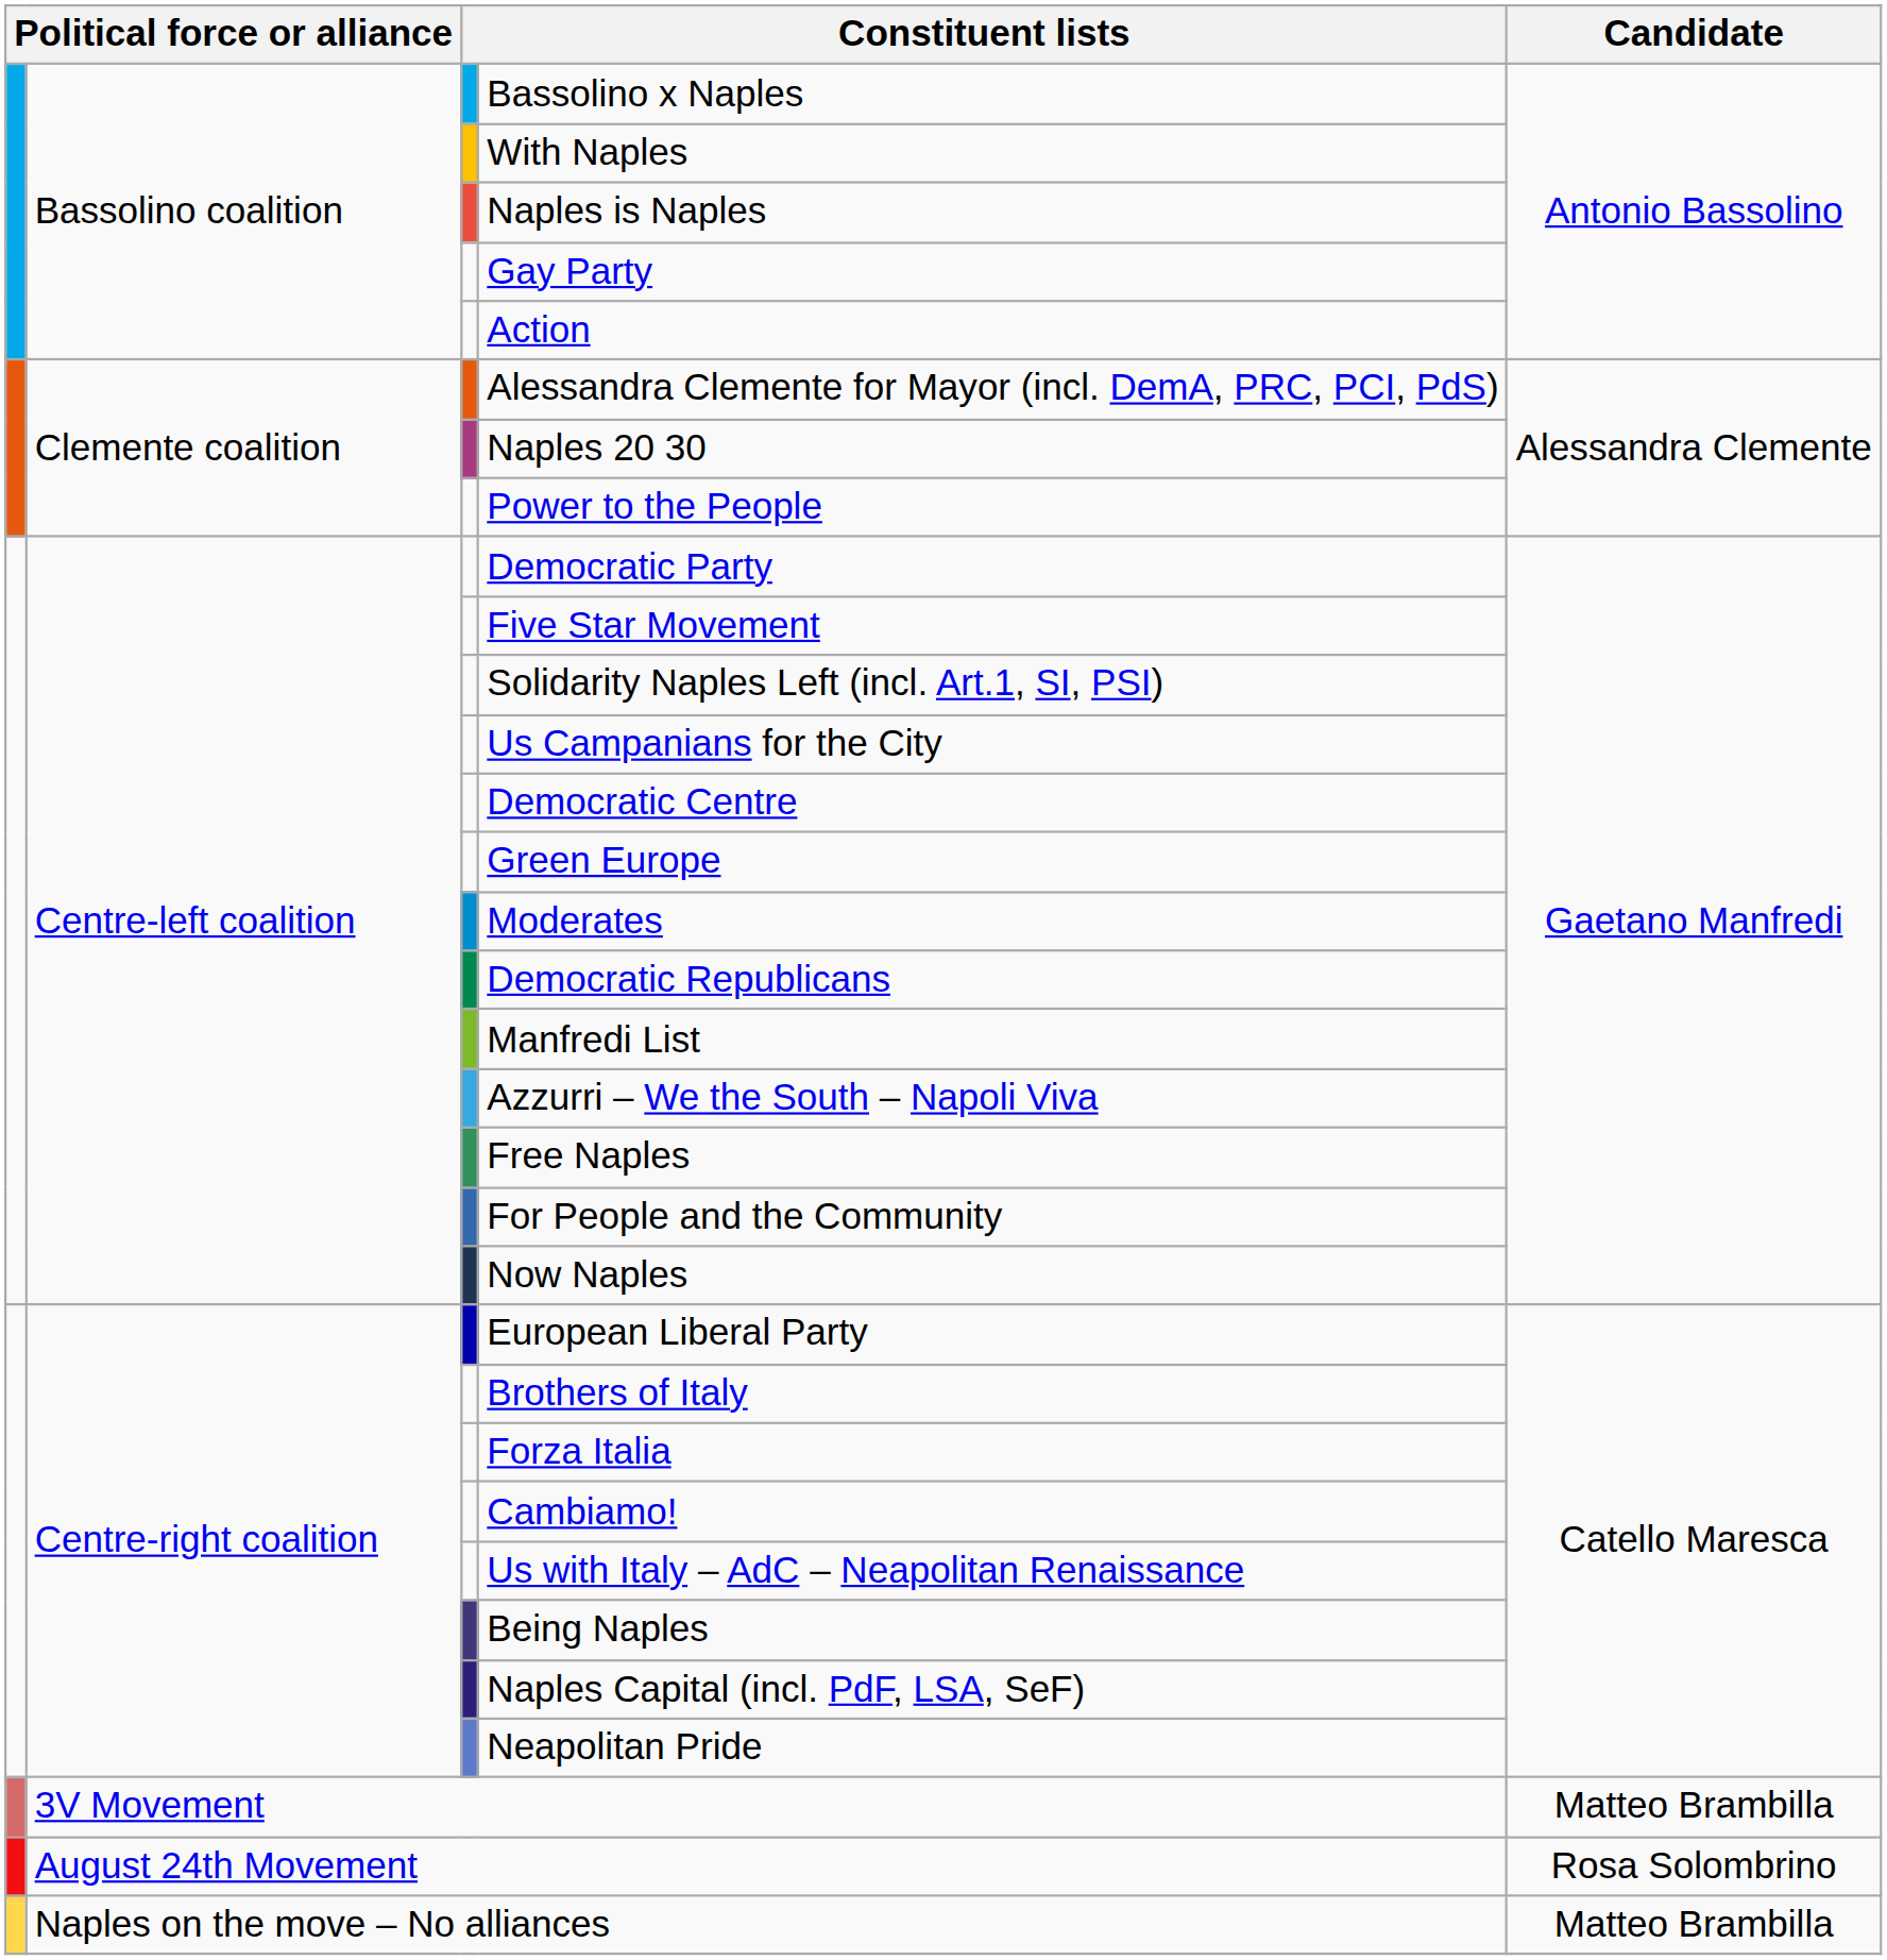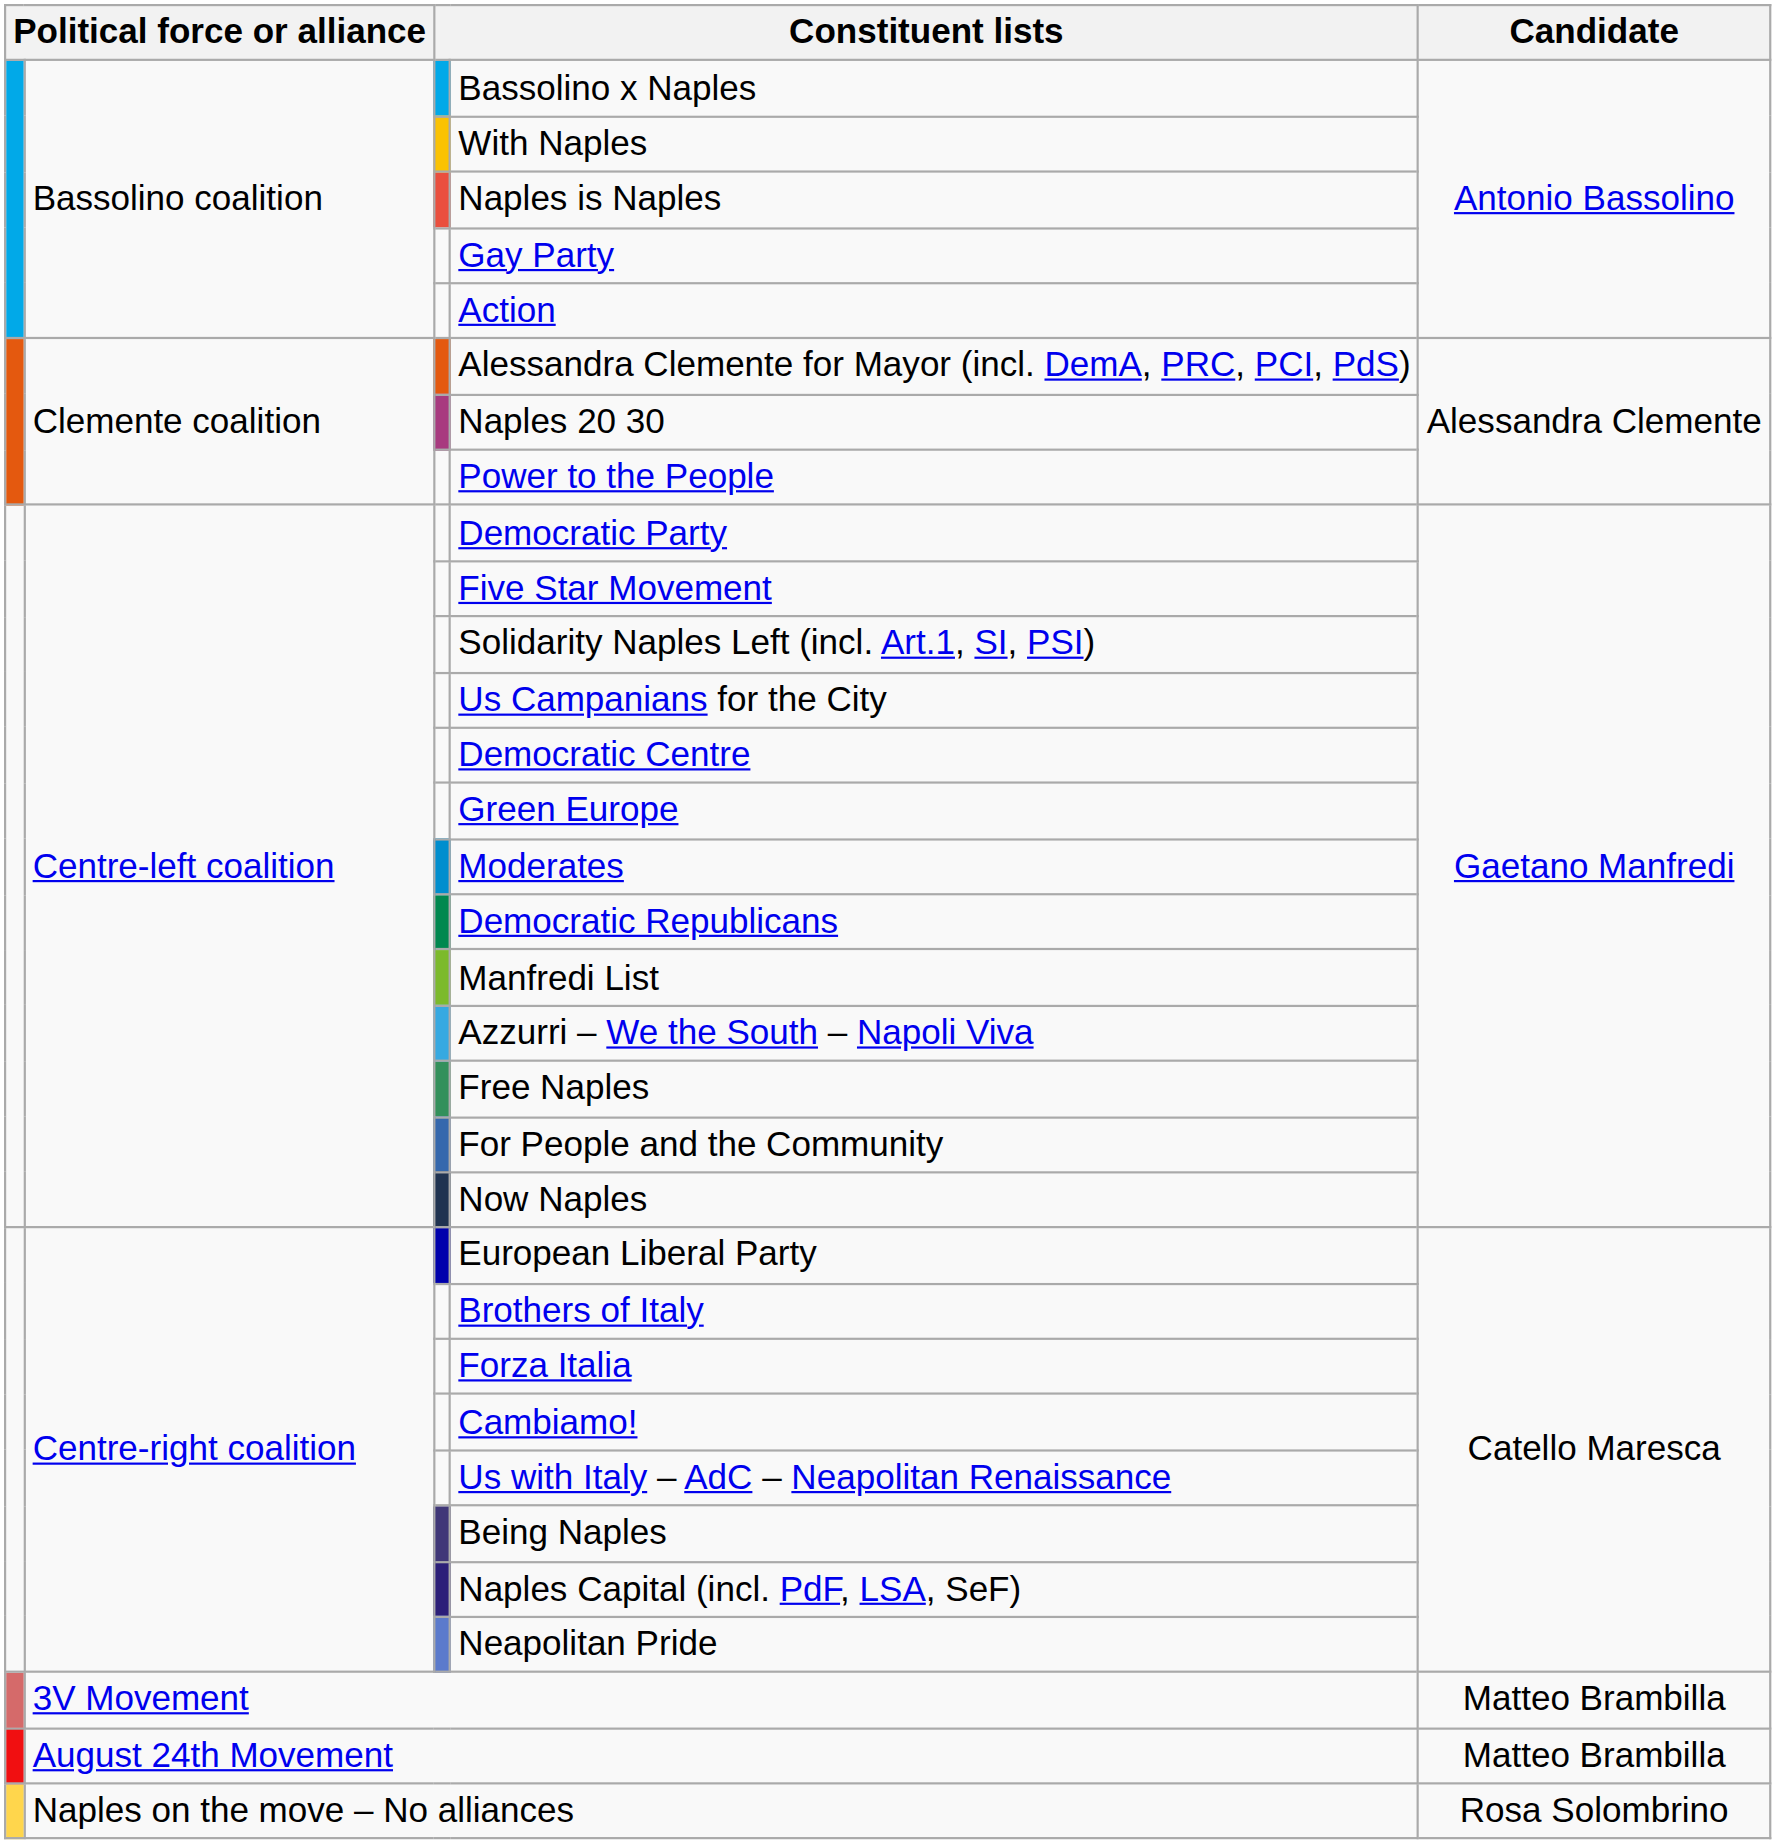 <table class=wikitable style=text-align:left>
 <tr>
 <th colspan=2>Political force or alliance</th>
 <th colspan=2>Constituent lists</th>
 <th>Candidate</th>
 </tr>
 <tr>
 <td rowspan=5 style="background-color:#01A9E8"></td>
 <td rowspan=5>Bassolino coalition</td>
 <td bgcolor="#01A9E8"></td>
 <td style="text-align:left;">Bassolino x Naples</td>
 <td rowspan=5 style="text-align:center;"><a href='#'>Antonio Bassolino</a></td>
 </tr>
 <tr>
 <td bgcolor="#FBC201"></td>
 <td style="text-align:left;">With Naples</td>
 </tr>
 <tr>
 <td bgcolor="#EA4F3E"></td>
 <td style="text-align:left;">Naples is Naples</td>
 </tr>
 <tr>
 <td></td>
 <td style="text-align:left;"><a href='#'>Gay Party</a></td>
 </tr>
 <tr>
 <td></td>
 <td style="text-align:left;"><a href='#'>Action</a></td>
 </tr>
 <tr>
 <td rowspan=3 style="background-color:#E4590F"></td>
 <td rowspan=3>Clemente coalition</td>
 <td bgcolor="#E4590F"></td>
 <td style="text-align:left;">Alessandra Clemente for Mayor (incl. <a href='#'>DemA</a>, <a href='#'>PRC</a>, <a href='#'>PCI</a>, <a href='#'>PdS</a>)</td>
 <td rowspan=3 style="text-align:center;">Alessandra Clemente</td>
 </tr>
 <tr>
 <td bgcolor="#A83A7F"></td>
 <td style="text-align:left;">Naples 20 30</td>
 </tr>
 <tr>
 <td></td>
 <td style="text-align:left;"><a href='#'>Power to the People</a></td>
 </tr>
 <tr>
 <td rowspan=13 style="background-color:"></td>
 <td rowspan=13><a href='#'>Centre-left coalition</a></td>
 <td></td>
 <td style="text-align:left;"><a href='#'>Democratic Party</a></td>
 <td rowspan=13 style="text-align:center;"><a href='#'>Gaetano Manfredi</a></td>
 </tr>
 <tr>
 <td></td>
 <td style="text-align:left;"><a href='#'>Five Star Movement</a></td>
 </tr>
 <tr>
 <td></td>
 <td style="text-align:left;">Solidarity Naples Left (incl. <a href='#'>Art.1</a>, <a href='#'>SI</a>, <a href='#'>PSI</a>)</td>
 </tr>
 <tr>
 <td></td>
 <td><a href='#'>Us Campanians</a> for the City</td>
 </tr>
 <tr>
 <td></td>
 <td style="text-align:left;"><a href='#'>Democratic Centre</a></td>
 </tr>
 <tr>
 <td></td>
 <td style="text-align:left;"><a href='#'>Green Europe</a></td>
 </tr>
 <tr>
 <td bgcolor="#008ECE"></td>
 <td style="text-align:left;"><a href='#'>Moderates</a></td>
 </tr>
 <tr>
 <td bgcolor="#00884F"></td>
 <td style="text-align:left;"><a href='#'>Democratic Republicans</a></td>
 </tr>
 <tr>
 <td bgcolor="#7CBA2B"></td>
 <td style="text-align:left;">Manfredi List</td>
 </tr>
 <tr>
 <td bgcolor="#36A9E1"></td>
 <td style="text-align:left;">Azzurri – <a href='#'>We the South</a> – <a href='#'>Napoli Viva</a></td>
 </tr>
 <tr>
 <td bgcolor="#33905B"></td>
 <td>Free Naples</td>
 </tr>
 <tr>
 <td bgcolor="#3568AD"></td>
 <td>For People and the Community</td>
 </tr>
 <tr>
 <td bgcolor="#203351"></td>
 <td>Now Naples</td>
 </tr>
 <tr>
 <td rowspan="8" style="background-color:"></td>
 <td rowspan="8"><a href='#'>Centre-right coalition</a></td>
 <td bgcolor="#0000AC"></td>
 <td style="text-align:left;">European Liberal Party</td>
 <td rowspan="8" style="text-align:center;">Catello Maresca</td>
 </tr>
 <tr>
 <td></td>
 <td style="text-align:left;"><a href='#'>Brothers of Italy</a></td>
 </tr>
 <tr>
 <td></td>
 <td style="text-align:left;"><a href='#'>Forza Italia</a></td>
 </tr>
 <tr>
 <td></td>
 <td style="text-align:left;"><a href='#'>Cambiamo!</a></td>
 </tr>
 <tr>
 <td></td>
 <td style="text-align:left;"><a href='#'>Us with Italy</a> – <a href='#'>AdC</a> – <a href='#'>Neapolitan Renaissance</a></td>
 </tr>
 <tr>
 <td bgcolor="#403778"></td>
 <td style="text-align:left;">Being Naples</td>
 </tr>
 <tr>
 <td bgcolor="#2C1F79"></td>
 <td style="text-align:left;">Naples Capital (incl. <a href='#'>PdF</a>, <a href='#'>LSA</a>, SeF)</td>
 </tr>
 <tr>
 <td bgcolor="#5B7ACC"></td>
 <td style="text-align:left;">Neapolitan Pride</td>
 </tr>
 <tr>
 <td bgcolor="#D56A6A"></td>
 <td colspan="3"><a href='#'>3V Movement</a></td>
 <td style="text-align:center;">Matteo Brambilla</td>
 </tr>
 <tr>
 <td bgcolor="#F10F11"></td>
 <td colspan="3"><a href='#'>August 24th Movement</a></td>
-<td style="text-align:center;">Rosa Solombrino</td>
+<td style="text-align:center;">Matteo Brambilla</td>
 </tr>
 <tr>
 <td bgcolor="#FFD64C"></td>
 <td colspan="3">Naples on the move – No alliances</td>
-<td style="text-align:center;">Matteo Brambilla</td>
+<td style="text-align:center;">Rosa Solombrino</td>
 </tr>
 </table>
